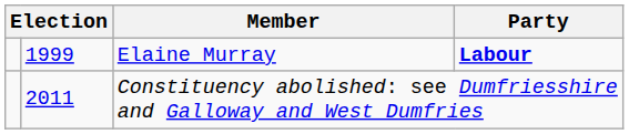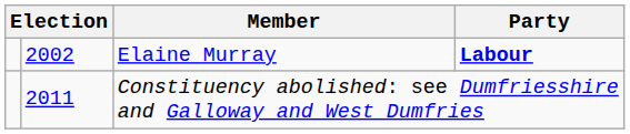 <table class="wikitable">
 <tr>
 <th colspan="2">Election</th>
 <th>Member</th>
 <th>Party</th>
 </tr>
 <tr>
 <td style="background-color: "></td>
-<td><a href='#'>1999</a></td>
+<td><a href='#'>2002</a></td>
 <td><a href='#'>Elaine Murray</a></td>
 <td><strong><a href='#'>Labour</a></strong></td>
 </tr>
 <tr>
 <td></td>
 <td><a href='#'>2011</a></td>
 <td colspan="3"><em>Constituency abolished</em>: see <em><a href='#'>Dumfriesshire</a> <br> and <a href='#'>Galloway and West Dumfries</a></em></td>
 </tr>
 </table>
